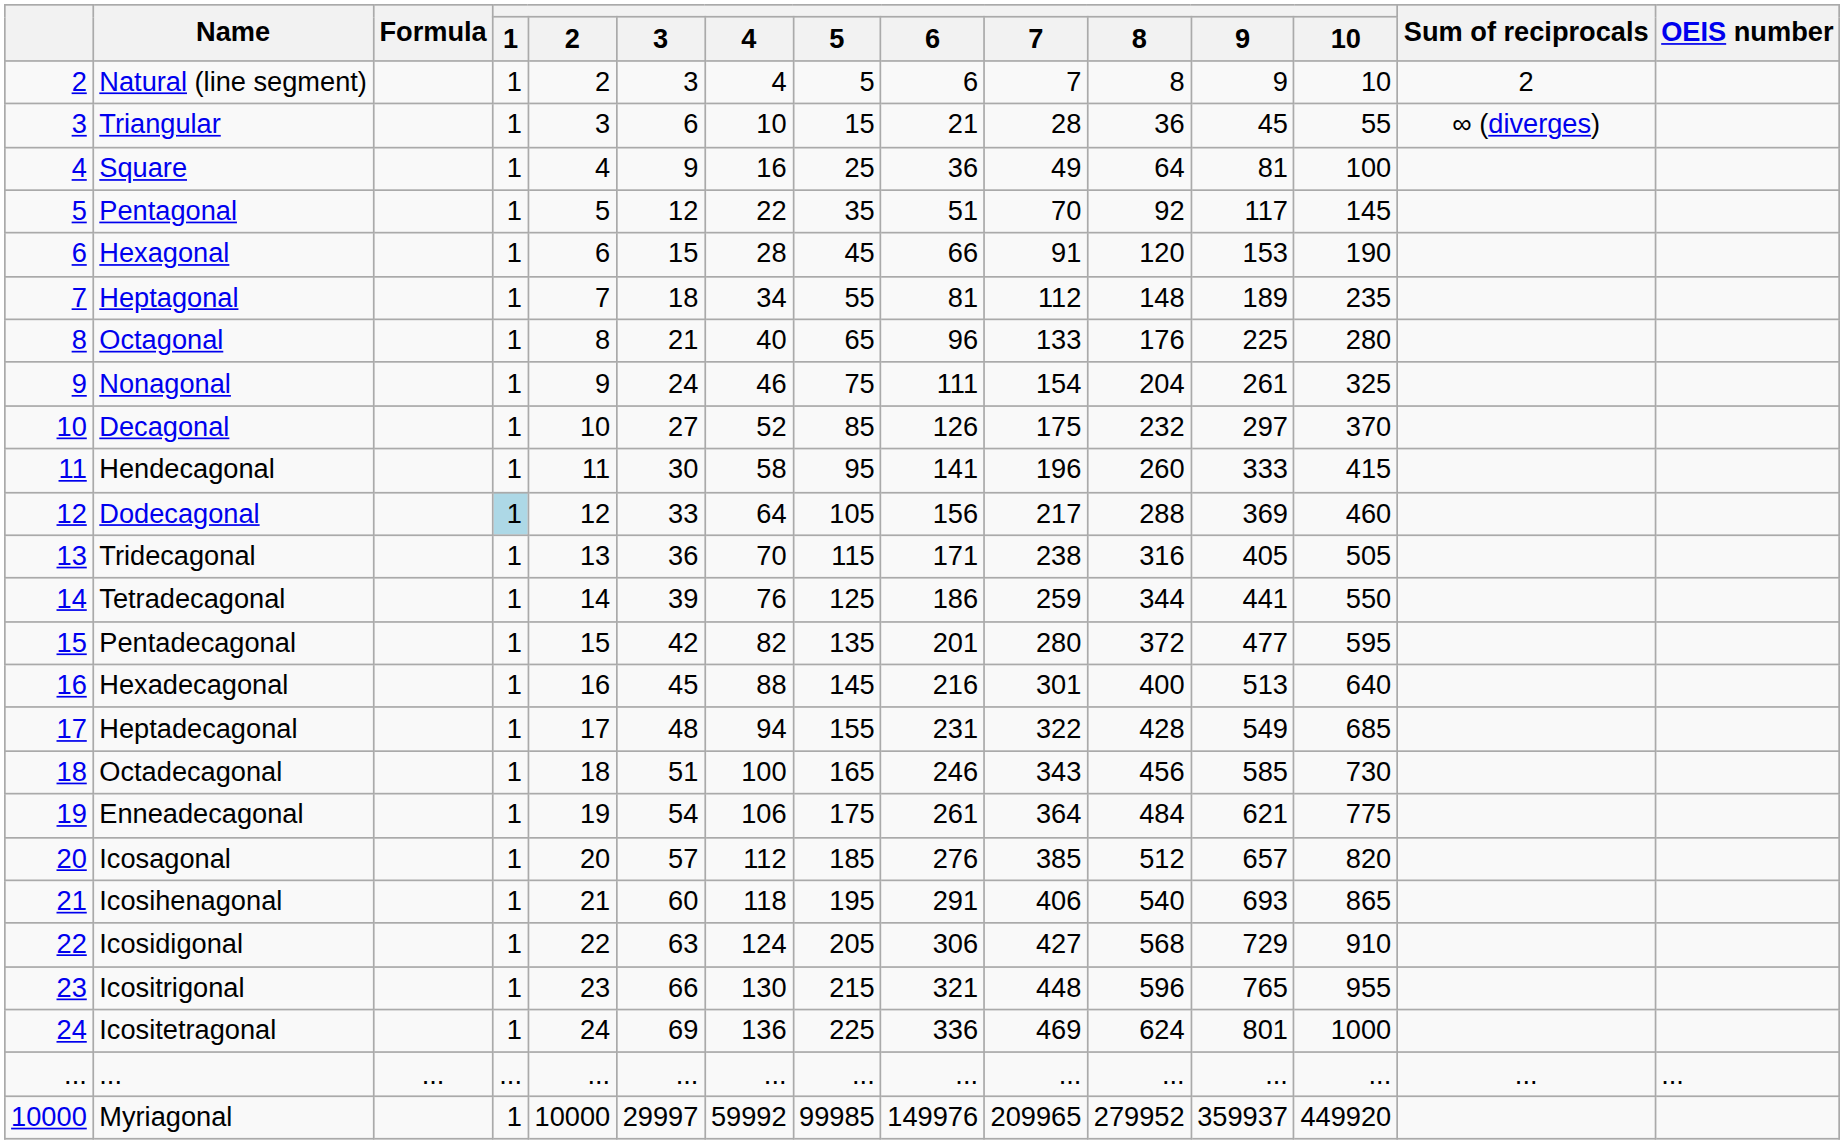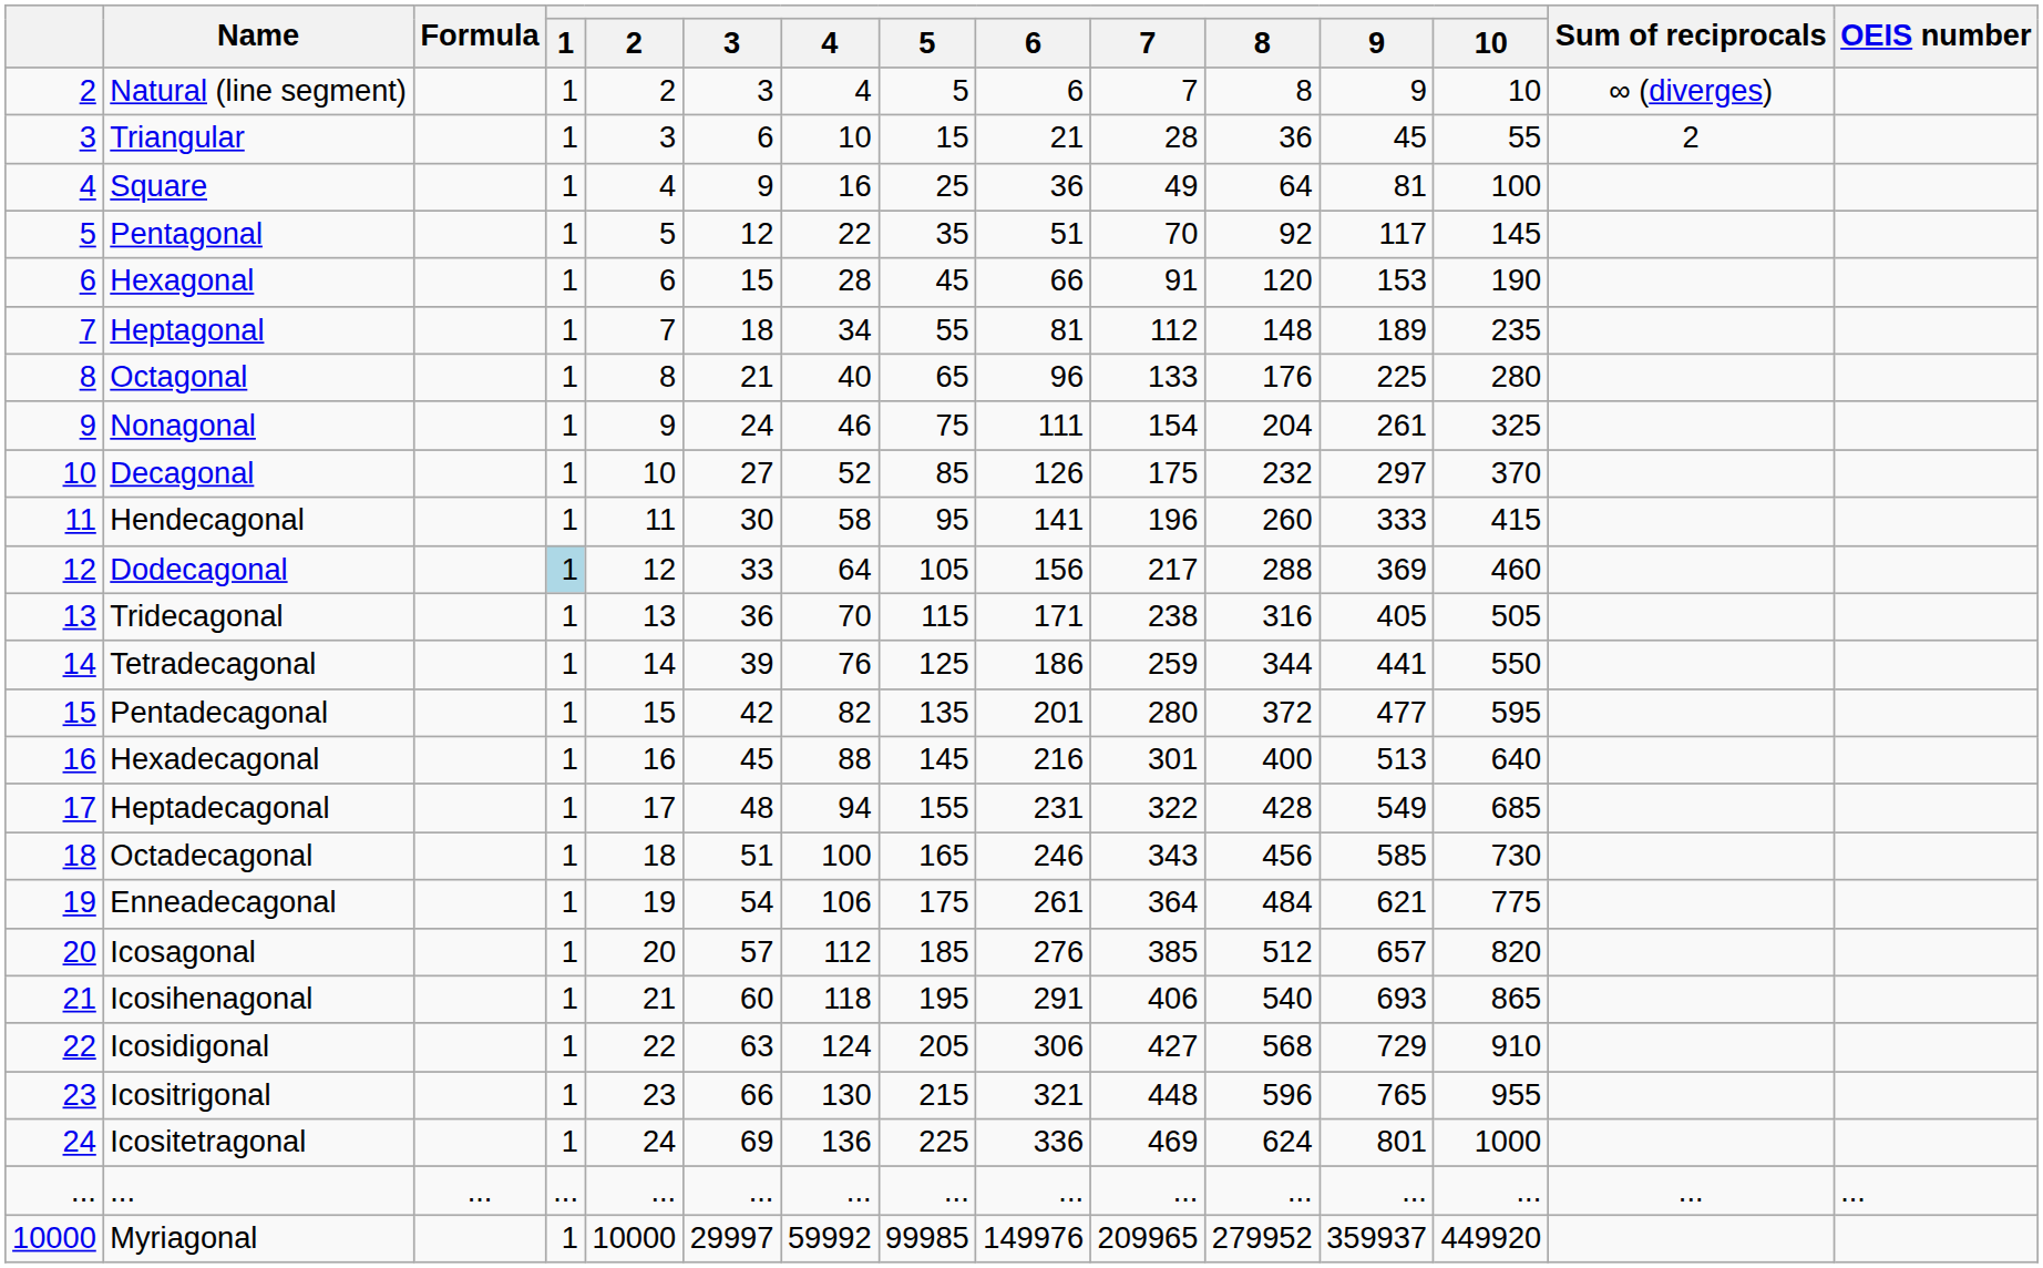 <table class="wikitable">
 <tr>
 <th rowspan="2"></th>
 <th rowspan="2">Name</th>
 <th rowspan="2">Formula</th>
 <th colspan="10"></th>
 <th rowspan="2" align="right">Sum of reciprocals</th>
 <th rowspan="2" align="center"><a href='#'>OEIS</a> number</th>
 </tr>
 <tr>
 <th>1</th>
 <th>2</th>
 <th>3</th>
 <th>4</th>
 <th>5</th>
 <th>6</th>
 <th>7</th>
 <th>8</th>
 <th>9</th>
 <th>10</th>
 </tr>
 <tr>
 <td align="right"><a href='#'>2</a></td>
 <td><a href='#'>Natural</a> (line segment)</td>
 <td align="center"></td>
 <td align="right">1</td>
 <td align="right">2</td>
 <td align="right">3</td>
 <td align="right">4</td>
 <td align="right">5</td>
 <td align="right">6</td>
 <td align="right">7</td>
 <td align="right">8</td>
 <td align="right">9</td>
 <td align="right">10</td>
-<td align="center">2</td>
+<td align="center">∞ (<a href='#'>diverges</a>)</td>
 <td></td>
 </tr>
 <tr>
 <td align="right"><a href='#'>3</a></td>
 <td><a href='#'>Triangular</a></td>
 <td align="center"></td>
 <td align="right">1</td>
 <td align="right">3</td>
 <td align="right">6</td>
 <td align="right">10</td>
 <td align="right">15</td>
 <td align="right">21</td>
 <td align="right">28</td>
 <td align="right">36</td>
 <td align="right">45</td>
 <td align="right">55</td>
-<td align="center">∞ (<a href='#'>diverges</a>)</td>
+<td align="center">2</td>
 <td></td>
 </tr>
 <tr>
 <td align="right"><a href='#'>4</a></td>
 <td><a href='#'>Square</a></td>
 <td align="center"></td>
 <td align="right">1</td>
 <td align="right">4</td>
 <td align="right">9</td>
 <td align="right">16</td>
 <td align="right">25</td>
 <td align="right">36</td>
 <td align="right">49</td>
 <td align="right">64</td>
 <td align="right">81</td>
 <td align="right">100</td>
 <td align="center"></td>
 <td></td>
 </tr>
 <tr>
 <td align="right"><a href='#'>5</a></td>
 <td><a href='#'>Pentagonal</a></td>
 <td align="center"></td>
 <td align="right">1</td>
 <td align="right">5</td>
 <td align="right">12</td>
 <td align="right">22</td>
 <td align="right">35</td>
 <td align="right">51</td>
 <td align="right">70</td>
 <td align="right">92</td>
 <td align="right">117</td>
 <td align="right">145</td>
 <td align="center"></td>
 <td></td>
 </tr>
 <tr>
 <td align="right"><a href='#'>6</a></td>
 <td><a href='#'>Hexagonal</a></td>
 <td align="center"></td>
 <td align="right">1</td>
 <td align="right">6</td>
 <td align="right">15</td>
 <td align="right">28</td>
 <td align="right">45</td>
 <td align="right">66</td>
 <td align="right">91</td>
 <td align="right">120</td>
 <td align="right">153</td>
 <td align="right">190</td>
 <td align="center"></td>
 <td></td>
 </tr>
 <tr>
 <td align="right"><a href='#'>7</a></td>
 <td><a href='#'>Heptagonal</a></td>
 <td align="center"></td>
 <td align="right">1</td>
 <td align="right">7</td>
 <td align="right">18</td>
 <td align="right">34</td>
 <td align="right">55</td>
 <td align="right">81</td>
 <td align="right">112</td>
 <td align="right">148</td>
 <td align="right">189</td>
 <td align="right">235</td>
 <td align="center"></td>
 <td></td>
 </tr>
 <tr>
 <td align="right"><a href='#'>8</a></td>
 <td><a href='#'>Octagonal</a></td>
 <td align="center"></td>
 <td align="right">1</td>
 <td align="right">8</td>
 <td align="right">21</td>
 <td align="right">40</td>
 <td align="right">65</td>
 <td align="right">96</td>
 <td align="right">133</td>
 <td align="right">176</td>
 <td align="right">225</td>
 <td align="right">280</td>
 <td align="center"></td>
 <td></td>
 </tr>
 <tr>
 <td align="right"><a href='#'>9</a></td>
 <td><a href='#'>Nonagonal</a></td>
 <td align="center"></td>
 <td align="right">1</td>
 <td align="right">9</td>
 <td align="right">24</td>
 <td align="right">46</td>
 <td align="right">75</td>
 <td align="right">111</td>
 <td align="right">154</td>
 <td align="right">204</td>
 <td align="right">261</td>
 <td align="right">325</td>
 <td align="center"></td>
 <td></td>
 </tr>
 <tr>
 <td align="right"><a href='#'>10</a></td>
 <td><a href='#'>Decagonal</a></td>
 <td align="center"></td>
 <td align="right">1</td>
 <td align="right">10</td>
 <td align="right">27</td>
 <td align="right">52</td>
 <td align="right">85</td>
 <td align="right">126</td>
 <td align="right">175</td>
 <td align="right">232</td>
 <td align="right">297</td>
 <td align="right">370</td>
 <td align="center"></td>
 <td></td>
 </tr>
 <tr>
 <td align="right"><a href='#'>11</a></td>
 <td>Hendecagonal</td>
 <td align="center"></td>
 <td align="right">1</td>
 <td align="right">11</td>
 <td align="right">30</td>
 <td align="right">58</td>
 <td align="right">95</td>
 <td align="right">141</td>
 <td align="right">196</td>
 <td align="right">260</td>
 <td align="right">333</td>
 <td align="right">415</td>
 <td align="center"></td>
 <td></td>
 </tr>
 <tr>
 <td align="right"><a href='#'>12</a></td>
 <td><a href='#'>Dodecagonal</a></td>
 <td align="center"></td>
 <td align="right" style="background: lightblue;">1</td>
 <td align="right">12</td>
 <td align="right">33</td>
 <td align="right">64</td>
 <td align="right">105</td>
 <td align="right">156</td>
 <td align="right">217</td>
 <td align="right">288</td>
 <td align="right">369</td>
 <td align="right">460</td>
 <td align="center"></td>
 <td></td>
 </tr>
 <tr>
 <td align="right"><a href='#'>13</a></td>
 <td>Tridecagonal</td>
 <td align="center"></td>
 <td align="right">1</td>
 <td align="right">13</td>
 <td align="right">36</td>
 <td align="right">70</td>
 <td align="right">115</td>
 <td align="right">171</td>
 <td align="right">238</td>
 <td align="right">316</td>
 <td align="right">405</td>
 <td align="right">505</td>
 <td align="center"></td>
 <td></td>
 </tr>
 <tr>
 <td align="right"><a href='#'>14</a></td>
 <td>Tetradecagonal</td>
 <td align="center"></td>
 <td align="right">1</td>
 <td align="right">14</td>
 <td align="right">39</td>
 <td align="right">76</td>
 <td align="right">125</td>
 <td align="right">186</td>
 <td align="right">259</td>
 <td align="right">344</td>
 <td align="right">441</td>
 <td align="right">550</td>
 <td align="center"></td>
 <td></td>
 </tr>
 <tr>
 <td align="right"><a href='#'>15</a></td>
 <td>Pentadecagonal</td>
 <td align="center"></td>
 <td align="right">1</td>
 <td align="right">15</td>
 <td align="right">42</td>
 <td align="right">82</td>
 <td align="right">135</td>
 <td align="right">201</td>
 <td align="right">280</td>
 <td align="right">372</td>
 <td align="right">477</td>
 <td align="right">595</td>
 <td align="center"></td>
 <td></td>
 </tr>
 <tr>
 <td align="right"><a href='#'>16</a></td>
 <td>Hexadecagonal</td>
 <td align="center"></td>
 <td align="right">1</td>
 <td align="right">16</td>
 <td align="right">45</td>
 <td align="right">88</td>
 <td align="right">145</td>
 <td align="right">216</td>
 <td align="right">301</td>
 <td align="right">400</td>
 <td align="right">513</td>
 <td align="right">640</td>
 <td align="center"></td>
 <td></td>
 </tr>
 <tr>
 <td align="right"><a href='#'>17</a></td>
 <td>Heptadecagonal</td>
 <td align="center"></td>
 <td align="right">1</td>
 <td align="right">17</td>
 <td align="right">48</td>
 <td align="right">94</td>
 <td align="right">155</td>
 <td align="right">231</td>
 <td align="right">322</td>
 <td align="right">428</td>
 <td align="right">549</td>
 <td align="right">685</td>
 <td align="center"></td>
 <td></td>
 </tr>
 <tr>
 <td align="right"><a href='#'>18</a></td>
 <td>Octadecagonal</td>
 <td align="center"></td>
 <td align="right">1</td>
 <td align="right">18</td>
 <td align="right">51</td>
 <td align="right">100</td>
 <td align="right">165</td>
 <td align="right">246</td>
 <td align="right">343</td>
 <td align="right">456</td>
 <td align="right">585</td>
 <td align="right">730</td>
 <td align="center"> </td>
 <td></td>
 </tr>
 <tr>
 <td align="right"><a href='#'>19</a></td>
 <td>Enneadecagonal</td>
 <td align="center"></td>
 <td align="right">1</td>
 <td align="right">19</td>
 <td align="right">54</td>
 <td align="right">106</td>
 <td align="right">175</td>
 <td align="right">261</td>
 <td align="right">364</td>
 <td align="right">484</td>
 <td align="right">621</td>
 <td align="right">775</td>
 <td align="center"></td>
 <td></td>
 </tr>
 <tr>
 <td align="right"><a href='#'>20</a></td>
 <td>Icosagonal</td>
 <td align="center"></td>
 <td align="right">1</td>
 <td align="right">20</td>
 <td align="right">57</td>
 <td align="right">112</td>
 <td align="right">185</td>
 <td align="right">276</td>
 <td align="right">385</td>
 <td align="right">512</td>
 <td align="right">657</td>
 <td align="right">820</td>
 <td align="center"></td>
 <td></td>
 </tr>
 <tr>
 <td align="right"><a href='#'>21</a></td>
 <td>Icosihenagonal</td>
 <td align="center"></td>
 <td align="right">1</td>
 <td align="right">21</td>
 <td align="right">60</td>
 <td align="right">118</td>
 <td align="right">195</td>
 <td align="right">291</td>
 <td align="right">406</td>
 <td align="right">540</td>
 <td align="right">693</td>
 <td align="right">865</td>
 <td align="center"></td>
 <td></td>
 </tr>
 <tr>
 <td align="right"><a href='#'>22</a></td>
 <td>Icosidigonal</td>
 <td align="center"></td>
 <td align="right">1</td>
 <td align="right">22</td>
 <td align="right">63</td>
 <td align="right">124</td>
 <td align="right">205</td>
 <td align="right">306</td>
 <td align="right">427</td>
 <td align="right">568</td>
 <td align="right">729</td>
 <td align="right">910</td>
 <td align="center"></td>
 <td></td>
 </tr>
 <tr>
 <td align="right"><a href='#'>23</a></td>
 <td>Icositrigonal</td>
 <td align="center"></td>
 <td align="right">1</td>
 <td align="right">23</td>
 <td align="right">66</td>
 <td align="right">130</td>
 <td align="right">215</td>
 <td align="right">321</td>
 <td align="right">448</td>
 <td align="right">596</td>
 <td align="right">765</td>
 <td align="right">955</td>
 <td align="center"></td>
 <td></td>
 </tr>
 <tr>
 <td align="right"><a href='#'>24</a></td>
 <td>Icositetragonal</td>
 <td align="center"></td>
 <td align="right">1</td>
 <td align="right">24</td>
 <td align="right">69</td>
 <td align="right">136</td>
 <td align="right">225</td>
 <td align="right">336</td>
 <td align="right">469</td>
 <td align="right">624</td>
 <td align="right">801</td>
 <td align="right">1000</td>
 <td align="center"></td>
 <td></td>
 </tr>
 <tr>
 <td align="right">...</td>
 <td>...</td>
 <td align="center">...</td>
 <td align="right">...</td>
 <td align="right">...</td>
 <td align="right">...</td>
 <td align="right">...</td>
 <td align="right">...</td>
 <td align="right">...</td>
 <td align="right">...</td>
 <td align="right">...</td>
 <td align="right">...</td>
 <td align="right">...</td>
 <td align="center">...</td>
 <td>...</td>
 </tr>
 <tr>
 <td align="right"><a href='#'>10000</a></td>
 <td>Myriagonal</td>
 <td align="center"></td>
 <td align="right">1</td>
 <td align="right">10000</td>
 <td align="right">29997</td>
 <td align="right">59992</td>
 <td align="right">99985</td>
 <td align="right">149976</td>
 <td align="right">209965</td>
 <td align="right">279952</td>
 <td align="right">359937</td>
 <td align="right">449920</td>
 <td align="center"></td>
 <td></td>
 </tr>
 </table>
